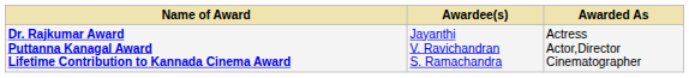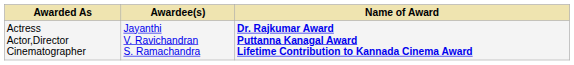 <table class="wikitable" style="width:100%;">
 <tr>
+<th style="background-color:#EFE4B0;">Awarded As</th>
+<th style="background-color:#EFE4B0;">Awardee(s)</th>
 <th style="background-color:#EFE4B0;">Name of Award</th>
-<th style="background-color:#EFE4B0;">Awardee(s)</th>
-<th style="background-color:#EFE4B0;">Awarded As</th>
 </tr>
 <tr style="background-color:#F4F4F4">
+<td>Actress<br>Actor,Director<br>Cinematographer</td>
+<td><a href='#'>Jayanthi</a><br><a href='#'>V. Ravichandran</a><br><a href='#'>S. Ramachandra</a></td>
 <td><strong><a href='#'>Dr. Rajkumar Award</a></strong><br><strong><a href='#'>Puttanna Kanagal Award</a></strong><br><strong><a href='#'>Lifetime Contribution to Kannada Cinema Award</a></strong></td>
-<td><a href='#'>Jayanthi</a><br><a href='#'>V. Ravichandran</a><br><a href='#'>S. Ramachandra</a></td>
-<td>Actress<br>Actor,Director<br>Cinematographer</td>
 </tr>
 </table>
